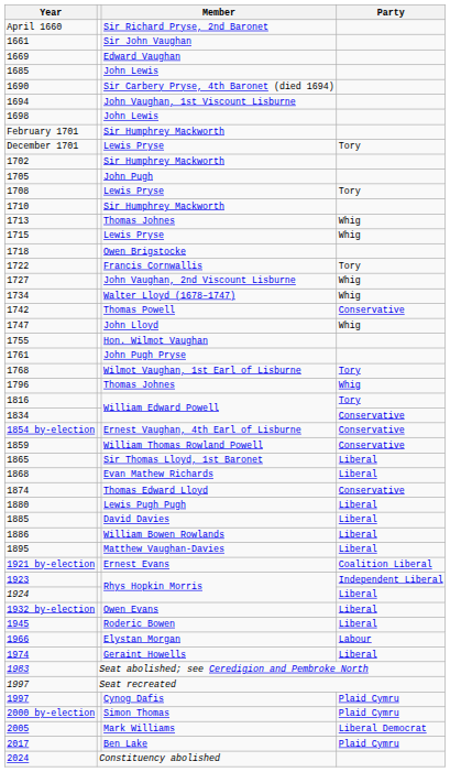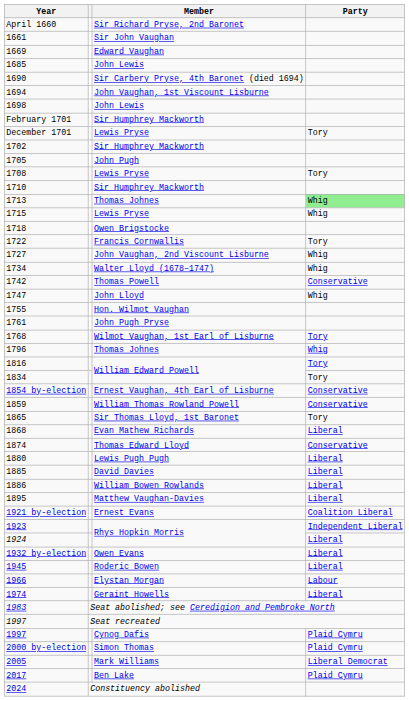 <table class="wikitable">
 <tr>
 <th>Year</th>
 <th></th>
 <th>Member</th>
 <th>Party</th>
 </tr>
 <tr>
 <td>April 1660</td>
 <td style="color:inherit;background-color: white"></td>
 <td><a href='#'>Sir Richard Pryse, 2nd Baronet</a></td>
 <td></td>
 </tr>
 <tr>
 <td>1661</td>
 <td style="color:inherit;background-color: white"></td>
 <td><a href='#'>Sir John Vaughan</a></td>
 <td></td>
 </tr>
 <tr>
 <td>1669</td>
 <td style="color:inherit;background-color: white"></td>
 <td><a href='#'>Edward Vaughan</a></td>
 <td></td>
 </tr>
 <tr>
 <td>1685</td>
 <td style="color:inherit;background-color: white"></td>
 <td><a href='#'>John Lewis</a></td>
 <td></td>
 </tr>
 <tr>
 <td>1690</td>
 <td style="color:inherit;background-color: white"></td>
 <td><a href='#'>Sir Carbery Pryse, 4th Baronet</a> (died 1694)</td>
 <td></td>
 </tr>
 <tr>
 <td>1694</td>
 <td style="color:inherit;background-color: white"></td>
 <td><a href='#'>John Vaughan, 1st Viscount Lisburne</a></td>
 <td></td>
 </tr>
 <tr>
 <td>1698</td>
 <td style="color:inherit;background-color: white"></td>
 <td><a href='#'>John Lewis</a></td>
 <td></td>
 </tr>
 <tr>
 <td>February 1701</td>
 <td style="color:inherit;background-color: white"></td>
 <td><a href='#'>Sir Humphrey Mackworth</a></td>
 <td></td>
 </tr>
 <tr>
 <td>December 1701</td>
 <td style="color:inherit;background-color: "></td>
 <td><a href='#'>Lewis Pryse</a></td>
 <td>Tory</td>
 </tr>
 <tr>
 <td>1702</td>
 <td style="color:inherit;background-color: white"></td>
 <td><a href='#'>Sir Humphrey Mackworth</a></td>
 <td></td>
 </tr>
 <tr>
 <td>1705</td>
 <td style="color:inherit;background-color: white"></td>
 <td><a href='#'>John Pugh</a></td>
 <td></td>
 </tr>
 <tr>
 <td>1708</td>
 <td style="color:inherit;background-color: "></td>
 <td><a href='#'>Lewis Pryse</a></td>
 <td>Tory</td>
 </tr>
 <tr>
 <td>1710</td>
 <td style="color:inherit;background-color: white"></td>
 <td><a href='#'>Sir Humphrey Mackworth</a></td>
 <td></td>
 </tr>
 <tr>
 <td>1713</td>
 <td style="color:inherit;background-color: "></td>
 <td><a href='#'>Thomas Johnes</a></td>
-<td>Whig</td>
+<td style="background: lightgreen;">Whig</td>
 </tr>
 <tr>
 <td>1715</td>
 <td style="color:inherit;background-color: "></td>
 <td><a href='#'>Lewis Pryse</a></td>
 <td>Whig</td>
 </tr>
 <tr>
 <td>1718</td>
 <td style="color:inherit;background-color: white"></td>
 <td><a href='#'>Owen Brigstocke</a></td>
 <td></td>
 </tr>
 <tr>
 <td>1722</td>
 <td style="color:inherit;background-color: "></td>
 <td><a href='#'>Francis Cornwallis</a></td>
 <td>Tory</td>
 </tr>
 <tr>
 <td>1727</td>
 <td style="color:inherit;background-color: "></td>
 <td><a href='#'>John Vaughan, 2nd Viscount Lisburne</a></td>
 <td>Whig</td>
 </tr>
 <tr>
 <td>1734</td>
 <td style="color:inherit;background-color: "></td>
 <td><a href='#'>Walter Lloyd (1678–1747)</a></td>
 <td>Whig</td>
 </tr>
 <tr>
 <td>1742</td>
 <td style="color:inherit;background-color: "></td>
 <td><a href='#'>Thomas Powell</a></td>
 <td><a href='#'>Conservative</a></td>
 </tr>
 <tr>
 <td>1747</td>
 <td style="color:inherit;background-color: "></td>
 <td><a href='#'>John Lloyd</a></td>
 <td>Whig</td>
 </tr>
 <tr>
 <td>1755</td>
 <td style="color:inherit;background-color: white"></td>
 <td><a href='#'>Hon. Wilmot Vaughan</a></td>
 <td></td>
 </tr>
 <tr>
 <td>1761</td>
 <td style="color:inherit;background-color: white"></td>
 <td><a href='#'>John Pugh Pryse</a></td>
 <td></td>
 </tr>
 <tr>
 <td>1768</td>
 <td style="color:inherit;background-color: "></td>
 <td><a href='#'>Wilmot Vaughan, 1st Earl of Lisburne</a></td>
 <td><a href='#'>Tory</a></td>
 </tr>
 <tr>
 <td>1796</td>
 <td style="color:inherit;background-color: "></td>
 <td><a href='#'>Thomas Johnes</a></td>
 <td><a href='#'>Whig</a></td>
 </tr>
 <tr>
 <td>1816</td>
 <td style="color:inherit;background-color: "></td>
 <td rowspan = 2><a href='#'>William Edward Powell</a></td>
 <td><a href='#'>Tory</a></td>
 </tr>
 <tr>
 <td>1834</td>
 <td style="color:inherit;background-color: "></td>
-<td><a href='#'>Conservative</a></td>
+<td>Tory</td>
 </tr>
 <tr>
 <td><a href='#'>1854 by-election</a></td>
 <td style="color:inherit;background-color: "></td>
 <td><a href='#'>Ernest Vaughan, 4th Earl of Lisburne</a></td>
 <td><a href='#'>Conservative</a></td>
 </tr>
 <tr>
 <td>1859</td>
 <td style="color:inherit;background-color: "></td>
 <td><a href='#'>William Thomas Rowland Powell</a></td>
 <td><a href='#'>Conservative</a></td>
 </tr>
 <tr>
 <td>1865</td>
 <td style="color:inherit;background-color: "></td>
 <td><a href='#'>Sir Thomas Lloyd, 1st Baronet</a></td>
-<td><a href='#'>Liberal</a></td>
+<td>Tory</td>
 </tr>
 <tr>
 <td>1868</td>
 <td style="color:inherit;background-color: "></td>
 <td><a href='#'>Evan Mathew Richards</a></td>
 <td><a href='#'>Liberal</a></td>
 </tr>
 <tr>
 <td>1874</td>
 <td style="color:inherit;background-color: "></td>
 <td><a href='#'>Thomas Edward Lloyd</a></td>
 <td><a href='#'>Conservative</a></td>
 </tr>
 <tr>
 <td>1880</td>
 <td style="color:inherit;background-color: "></td>
 <td><a href='#'>Lewis Pugh Pugh</a></td>
 <td><a href='#'>Liberal</a></td>
 </tr>
 <tr>
 <td>1885</td>
 <td style="color:inherit;background-color: "></td>
 <td><a href='#'>David Davies</a></td>
 <td><a href='#'>Liberal</a></td>
 </tr>
 <tr>
 <td>1886</td>
 <td style="color:inherit;background-color: "></td>
 <td><a href='#'>William Bowen Rowlands</a></td>
 <td><a href='#'>Liberal</a></td>
 </tr>
 <tr>
 <td>1895</td>
 <td style="color:inherit;background-color: "></td>
 <td><a href='#'>Matthew Vaughan-Davies</a></td>
 <td><a href='#'>Liberal</a></td>
 </tr>
 <tr>
 <td><a href='#'>1921 by-election</a></td>
 <td style="color:inherit;background-color: "></td>
 <td><a href='#'>Ernest Evans</a></td>
 <td><a href='#'>Coalition Liberal</a></td>
 </tr>
 <tr>
 <td><a href='#'>1923</a></td>
 <td style="color:inherit;background-color: "></td>
 <td rowspan="2"><a href='#'>Rhys Hopkin Morris</a></td>
 <td><a href='#'>Independent Liberal</a></td>
 </tr>
 <tr>
 <td><em>1924</em></td>
 <td style="color:inherit;background-color: "></td>
 <td><a href='#'>Liberal</a></td>
 </tr>
 <tr>
 <td><a href='#'>1932 by-election</a></td>
 <td style="color:inherit;background-color: "></td>
 <td><a href='#'>Owen Evans</a></td>
 <td><a href='#'>Liberal</a></td>
 </tr>
 <tr>
 <td><a href='#'>1945</a></td>
 <td style="color:inherit;background-color: "></td>
 <td><a href='#'>Roderic Bowen</a></td>
 <td><a href='#'>Liberal</a></td>
 </tr>
 <tr>
 <td><a href='#'>1966</a></td>
 <td style="color:inherit;background-color: "></td>
 <td><a href='#'>Elystan Morgan</a></td>
 <td><a href='#'>Labour</a></td>
 </tr>
 <tr>
 <td><a href='#'>1974</a></td>
 <td style="color:inherit;background-color: "></td>
 <td><a href='#'>Geraint Howells</a></td>
 <td><a href='#'>Liberal</a></td>
 </tr>
 <tr>
 <td><em><a href='#'>1983</a></em></td>
 <td colspan = 3><em>Seat abolished; see <a href='#'>Ceredigion and Pembroke North</a></em></td>
 </tr>
 <tr>
 <td><em>1997</em></td>
 <td colspan = 3><em>Seat recreated</em></td>
 </tr>
 <tr>
 <td><a href='#'>1997</a></td>
 <td style="color:inherit;background-color: "></td>
 <td><a href='#'>Cynog Dafis</a></td>
 <td><a href='#'>Plaid Cymru</a></td>
 </tr>
 <tr>
 <td><a href='#'>2000 by-election</a></td>
 <td style="color:inherit;background-color: "></td>
 <td><a href='#'>Simon Thomas</a></td>
 <td><a href='#'>Plaid Cymru</a></td>
 </tr>
 <tr>
 <td><a href='#'>2005</a></td>
 <td style="color:inherit;background-color: "></td>
 <td><a href='#'>Mark Williams</a></td>
 <td><a href='#'>Liberal Democrat</a></td>
 </tr>
 <tr>
 <td><a href='#'>2017</a></td>
 <td style="color:inherit;background-color: "></td>
 <td><a href='#'>Ben Lake</a></td>
 <td><a href='#'>Plaid Cymru</a></td>
 </tr>
 <tr>
 <td><a href='#'>2024</a></td>
 <td colspan="2"><em>Constituency abolished</em></td>
 </tr>
 </table>
